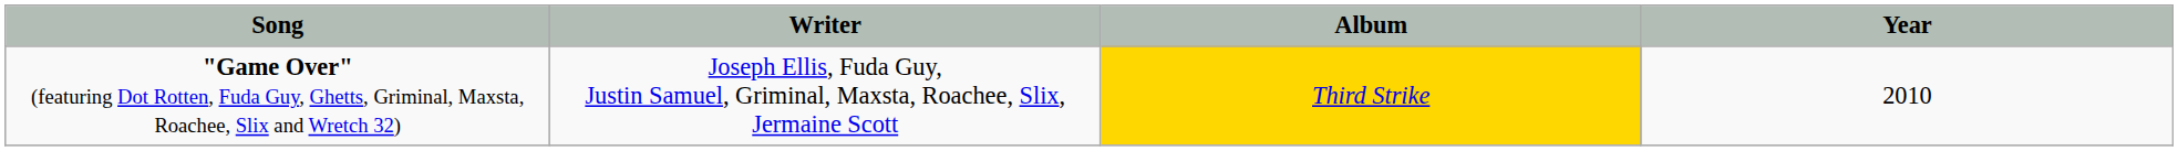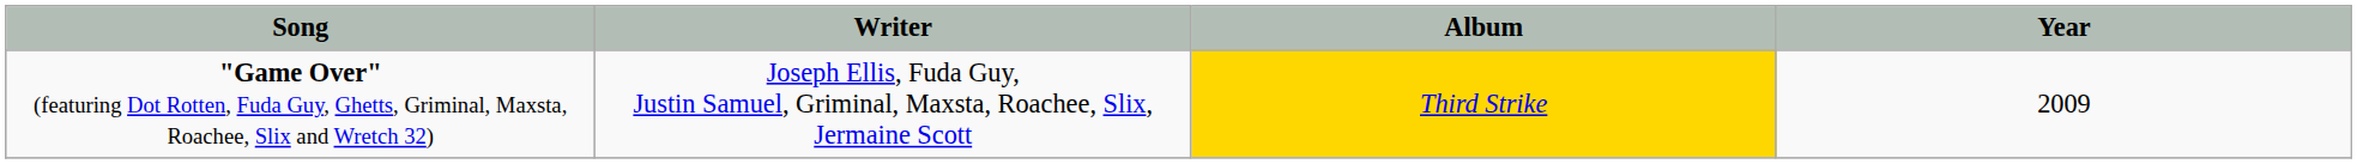 <table class="wikitable" style="margin:0.5em auto; clear:both; font-size:.9em; text-align:center; width:100%">
 <tr>
 <th style="width:500px; background:#b2beb5;">Song</th>
 <th style="width:500px; background:#b2beb5;">Writer</th>
 <th style="width:500px; background:#b2beb5;">Album</th>
 <th style="width:500px; background:#b2beb5;">Year</th>
 </tr>
 <tr>
 <td><strong>"Game Over"</strong><br> <small>(featuring <a href='#'>Dot Rotten</a>, <a href='#'>Fuda Guy</a>, <a href='#'>Ghetts</a>, Griminal, Maxsta, Roachee, <a href='#'>Slix</a> and <a href='#'>Wretch 32</a>)</small></td>
 <td><a href='#'>Joseph Ellis</a>, Fuda Guy,<br> <a href='#'>Justin Samuel</a>, Griminal, Maxsta, Roachee, <a href='#'>Slix</a>, <a href='#'>Jermaine Scott</a></td>
 <td style="background: gold;"><em><a href='#'>Third Strike</a></em></td>
-<td>2010</td>
+<td>2009</td>
 </tr>
 </table>
